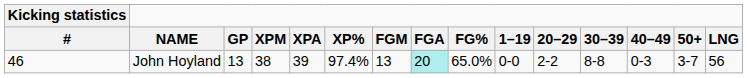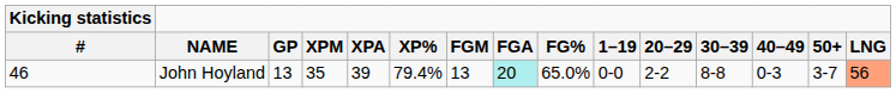 <table class="wikitable collapsible">
 <tr>
 <th style="text-align:center; ">Kicking statistics</th>
 </tr>
 <tr>
 <th>#</th>
 <th>NAME</th>
 <th>GP</th>
 <th>XPM</th>
 <th>XPA</th>
 <th>XP%</th>
 <th>FGM</th>
 <th>FGA</th>
 <th>FG%</th>
 <th>1–19</th>
 <th>20–29</th>
 <th>30–39</th>
 <th>40–49</th>
 <th>50+</th>
 <th>LNG</th>
 </tr>
 <tr>
 <td>46</td>
 <td>John Hoyland</td>
 <td>13</td>
-<td>38</td>
+<td>35</td>
 <td>39</td>
-<td>97.4%</td>
+<td>79.4%</td>
 <td>13</td>
 <td style="background: paleturquoise;">20</td>
 <td>65.0%</td>
 <td>0-0</td>
 <td>2-2</td>
 <td>8-8</td>
 <td>0-3</td>
 <td>3-7</td>
-<td>56</td>
+<td style="background: lightsalmon;">56</td>
 </tr>
 </table>
